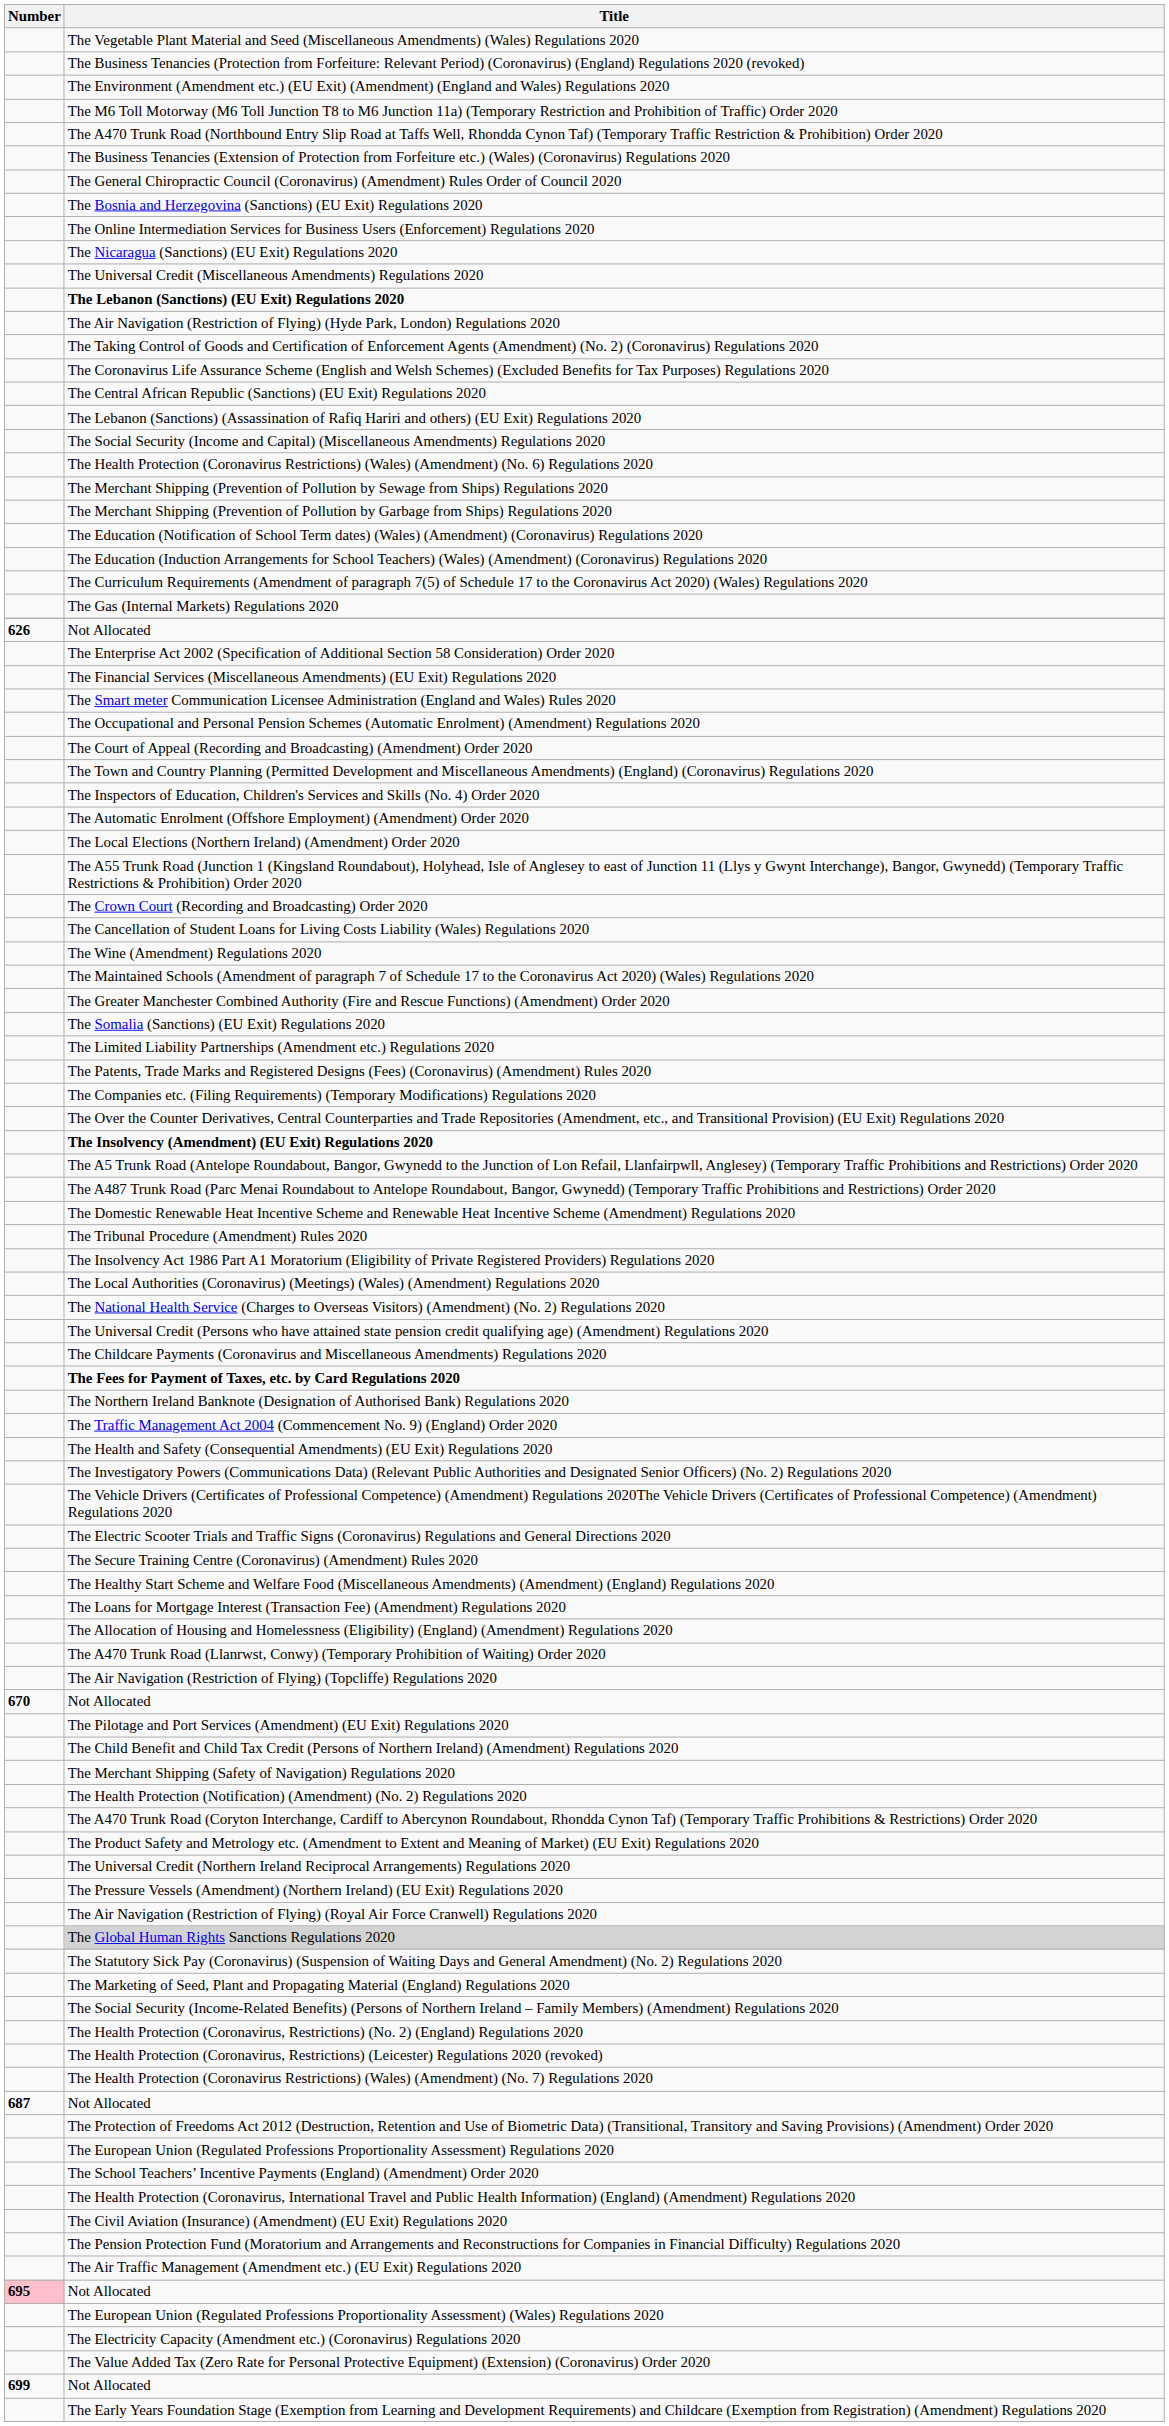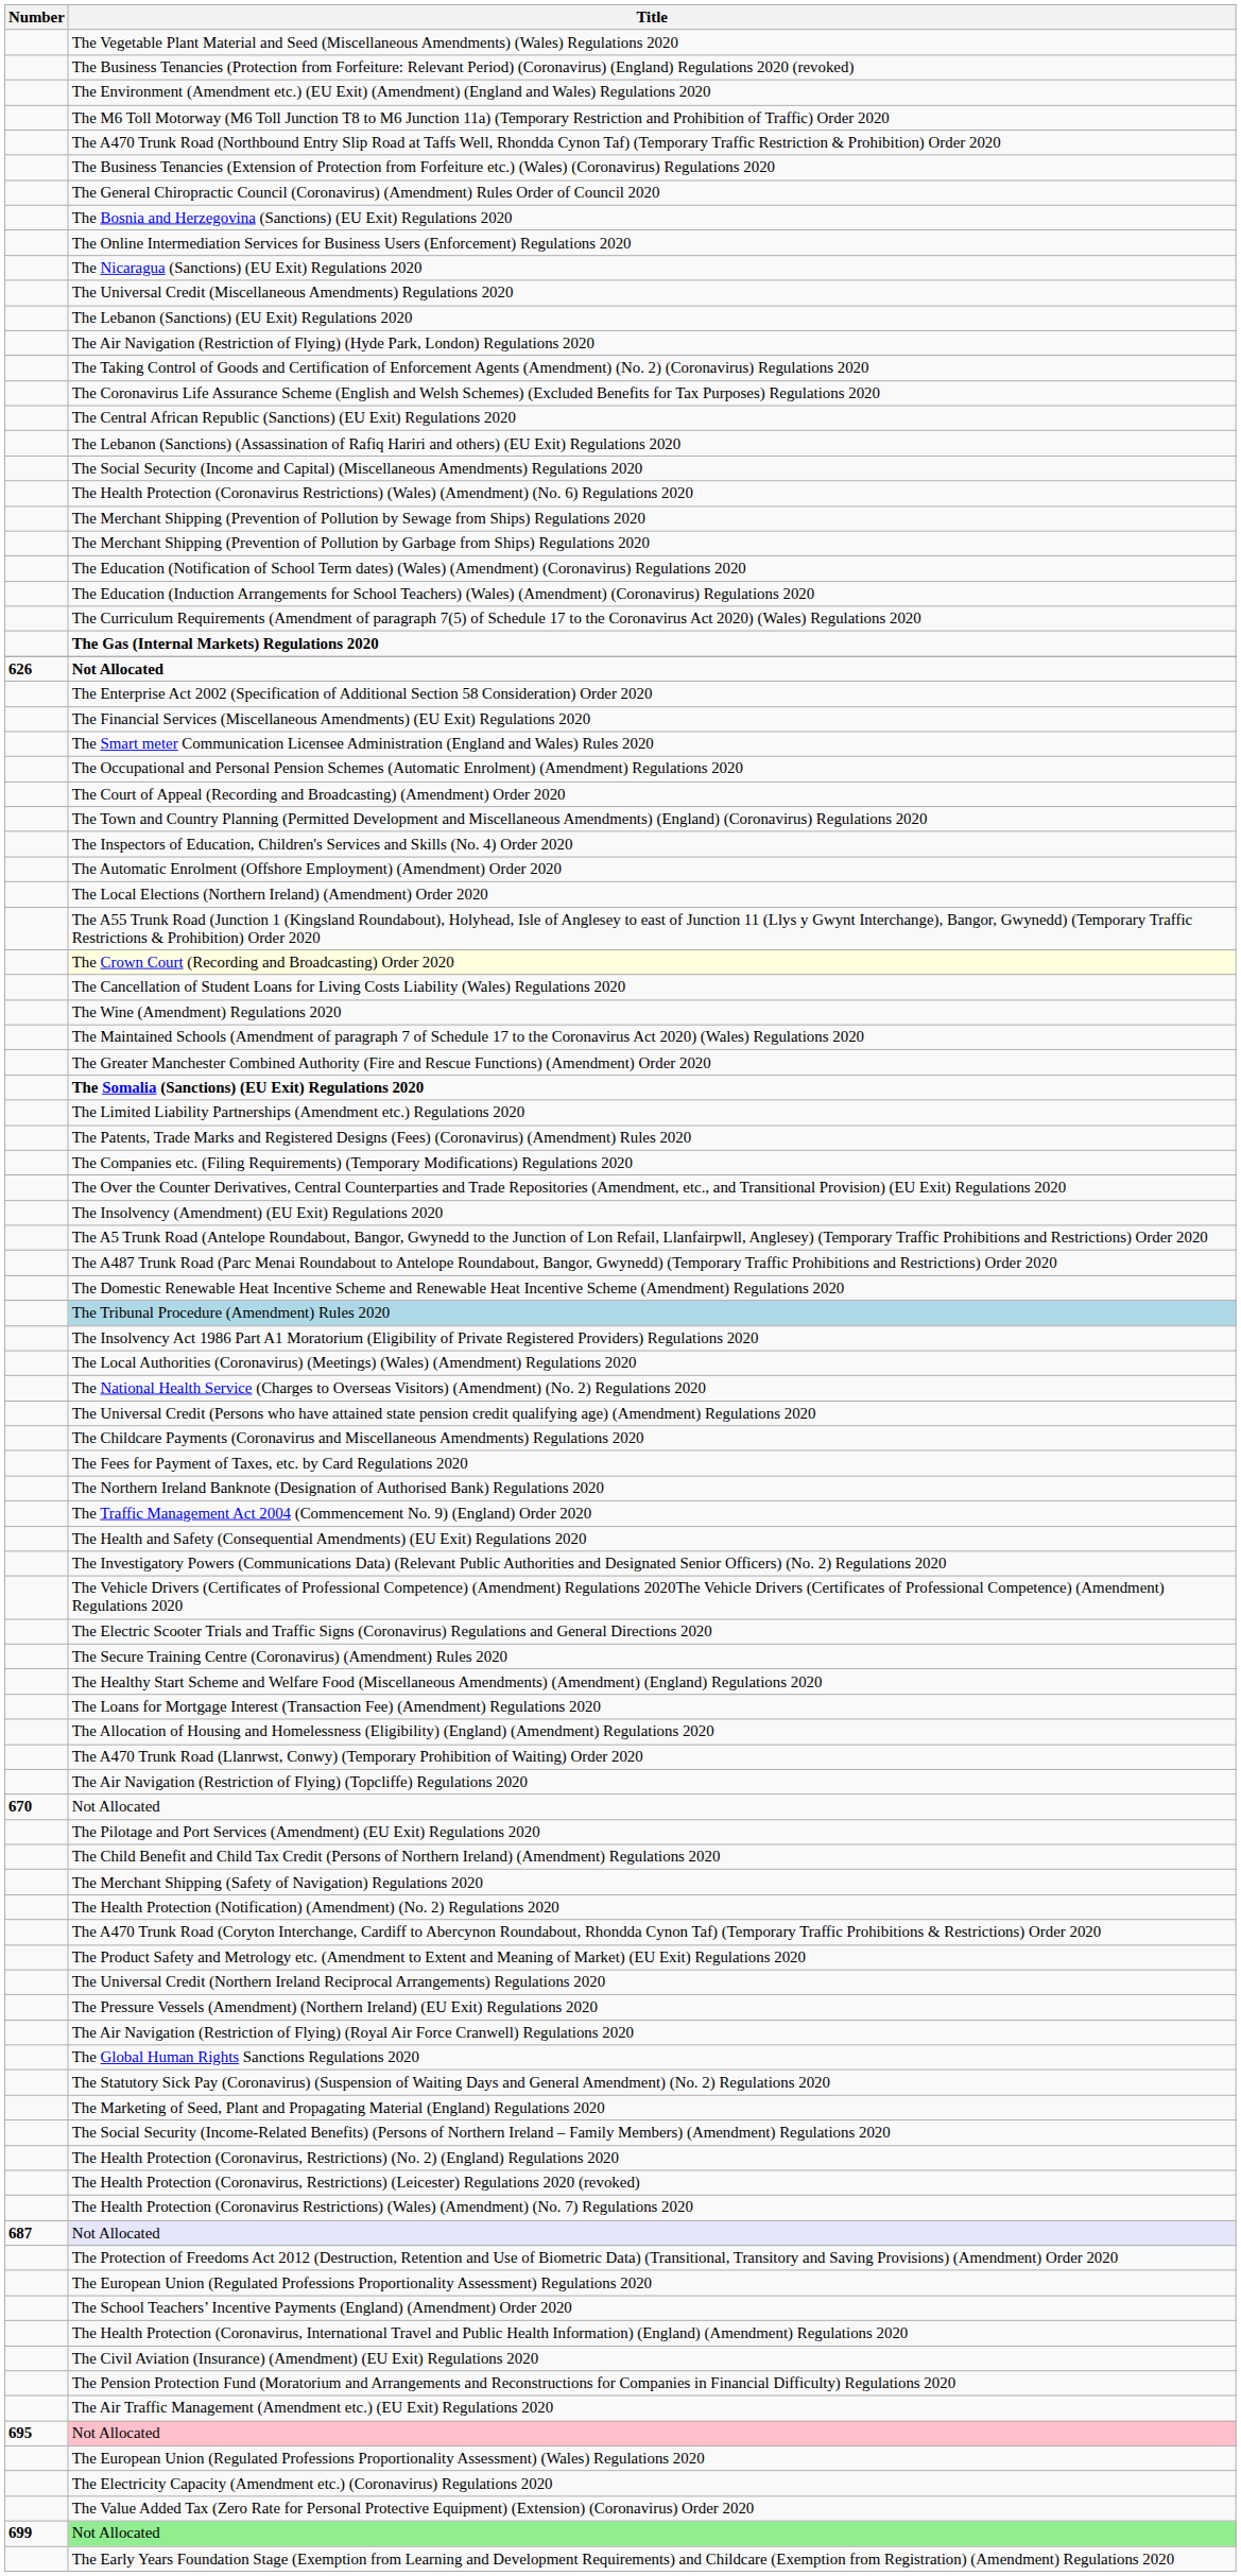 <table class="wikitable collapsible">
 <tr>
 <th>Number</th>
 <th>Title</th>
 </tr>
 <tr>
 <td></td>
 <td>The Vegetable Plant Material and Seed (Miscellaneous Amendments) (Wales) Regulations 2020</td>
 </tr>
 <tr>
 <td></td>
 <td>The Business Tenancies (Protection from Forfeiture: Relevant Period) (Coronavirus) (England) Regulations 2020 (revoked)</td>
 </tr>
 <tr>
 <td></td>
 <td>The Environment (Amendment etc.) (EU Exit) (Amendment) (England and Wales) Regulations 2020</td>
 </tr>
 <tr>
 <td></td>
 <td>The M6 Toll Motorway (M6 Toll Junction T8 to M6 Junction 11a) (Temporary Restriction and Prohibition of Traffic) Order 2020</td>
 </tr>
 <tr>
 <td></td>
 <td>The A470 Trunk Road (Northbound Entry Slip Road at Taffs Well, Rhondda Cynon Taf) (Temporary Traffic Restriction & Prohibition) Order 2020</td>
 </tr>
 <tr>
 <td></td>
 <td>The Business Tenancies (Extension of Protection from Forfeiture etc.) (Wales) (Coronavirus) Regulations 2020</td>
 </tr>
 <tr>
 <td></td>
 <td>The General Chiropractic Council (Coronavirus) (Amendment) Rules Order of Council 2020</td>
 </tr>
 <tr>
 <td></td>
 <td>The <a href='#'>Bosnia and Herzegovina</a> (Sanctions) (EU Exit) Regulations 2020</td>
 </tr>
 <tr>
 <td></td>
 <td>The Online Intermediation Services for Business Users (Enforcement) Regulations 2020</td>
 </tr>
 <tr>
 <td></td>
 <td>The <a href='#'>Nicaragua</a> (Sanctions) (EU Exit) Regulations 2020</td>
 </tr>
 <tr>
 <td></td>
 <td>The Universal Credit (Miscellaneous Amendments) Regulations 2020</td>
 </tr>
 <tr>
 <td></td>
-<td><strong>The Lebanon (Sanctions) (EU Exit) Regulations 2020</strong></td>
+<td>The Lebanon (Sanctions) (EU Exit) Regulations 2020</td>
 </tr>
 <tr>
 <td></td>
 <td>The Air Navigation (Restriction of Flying) (Hyde Park, London) Regulations 2020</td>
 </tr>
 <tr>
 <td></td>
 <td>The Taking Control of Goods and Certification of Enforcement Agents (Amendment) (No. 2) (Coronavirus) Regulations 2020</td>
 </tr>
 <tr>
 <td></td>
 <td>The Coronavirus Life Assurance Scheme (English and Welsh Schemes) (Excluded Benefits for Tax Purposes) Regulations 2020</td>
 </tr>
 <tr>
 <td></td>
 <td>The Central African Republic (Sanctions) (EU Exit) Regulations 2020</td>
 </tr>
 <tr>
 <td></td>
 <td>The Lebanon (Sanctions) (Assassination of Rafiq Hariri and others) (EU Exit) Regulations 2020</td>
 </tr>
 <tr>
 <td></td>
 <td>The Social Security (Income and Capital) (Miscellaneous Amendments) Regulations 2020</td>
 </tr>
 <tr>
 <td></td>
 <td>The Health Protection (Coronavirus Restrictions) (Wales) (Amendment) (No. 6) Regulations 2020</td>
 </tr>
 <tr>
 <td></td>
 <td>The Merchant Shipping (Prevention of Pollution by Sewage from Ships) Regulations 2020</td>
 </tr>
 <tr>
 <td></td>
 <td>The Merchant Shipping (Prevention of Pollution by Garbage from Ships) Regulations 2020</td>
 </tr>
 <tr>
 <td></td>
 <td>The Education (Notification of School Term  dates) (Wales) (Amendment) (Coronavirus) Regulations 2020</td>
 </tr>
 <tr>
 <td></td>
 <td>The Education (Induction Arrangements for School Teachers) (Wales) (Amendment) (Coronavirus) Regulations 2020</td>
 </tr>
 <tr>
 <td></td>
 <td>The Curriculum Requirements (Amendment of paragraph 7(5) of Schedule 17 to the Coronavirus Act 2020) (Wales) Regulations 2020</td>
 </tr>
 <tr>
 <td></td>
-<td>The Gas (Internal Markets) Regulations 2020</td>
+<td><strong>The Gas (Internal Markets) Regulations 2020</strong></td>
 </tr>
 <tr>
 </tr>
 <tr>
 <td><strong>626</strong></td>
-<td>Not Allocated</td>
+<td><strong>Not Allocated</strong></td>
 </tr>
 <tr>
 <td></td>
 <td>The Enterprise Act 2002 (Specification of Additional Section 58 Consideration) Order 2020</td>
 </tr>
 <tr>
 <td></td>
 <td>The Financial Services (Miscellaneous Amendments) (EU Exit) Regulations 2020</td>
 </tr>
 <tr>
 <td></td>
 <td>The <a href='#'>Smart meter</a> Communication Licensee Administration (England and Wales) Rules 2020</td>
 </tr>
 <tr>
 <td></td>
 <td>The Occupational and Personal Pension Schemes (Automatic Enrolment) (Amendment) Regulations 2020</td>
 </tr>
 <tr>
 <td></td>
 <td>The Court of Appeal (Recording and Broadcasting) (Amendment) Order 2020</td>
 </tr>
 <tr>
 <td></td>
 <td>The Town and Country Planning (Permitted Development and Miscellaneous Amendments) (England) (Coronavirus) Regulations 2020</td>
 </tr>
 <tr>
 <td></td>
 <td>The Inspectors of Education, Children's Services and Skills (No. 4) Order 2020</td>
 </tr>
 <tr>
 <td></td>
 <td>The Automatic Enrolment (Offshore Employment) (Amendment) Order 2020</td>
 </tr>
 <tr>
 <td></td>
 <td>The Local Elections (Northern Ireland) (Amendment) Order 2020</td>
 </tr>
 <tr>
 <td></td>
 <td>The A55 Trunk Road (Junction 1 (Kingsland Roundabout), Holyhead, Isle of Anglesey to east of Junction 11 (Llys y Gwynt Interchange), Bangor, Gwynedd) (Temporary Traffic Restrictions & Prohibition) Order 2020</td>
 </tr>
 <tr>
 <td></td>
-<td>The <a href='#'>Crown Court</a> (Recording and Broadcasting) Order 2020</td>
+<td style="background: lightyellow;">The <a href='#'>Crown Court</a> (Recording and Broadcasting) Order 2020</td>
 </tr>
 <tr>
 <td></td>
 <td>The Cancellation of Student Loans for Living Costs Liability (Wales) Regulations 2020</td>
 </tr>
 <tr>
 <td></td>
 <td>The Wine (Amendment) Regulations 2020</td>
 </tr>
 <tr>
 <td></td>
 <td>The Maintained Schools (Amendment of paragraph 7 of Schedule 17 to the Coronavirus Act 2020) (Wales) Regulations 2020</td>
 </tr>
 <tr>
 <td></td>
 <td>The Greater Manchester Combined Authority (Fire and Rescue Functions) (Amendment) Order 2020</td>
 </tr>
 <tr>
 <td></td>
-<td>The <a href='#'>Somalia</a> (Sanctions) (EU Exit) Regulations 2020</td>
+<td><strong>The <a href='#'>Somalia</a> (Sanctions) (EU Exit) Regulations 2020</strong></td>
 </tr>
 <tr>
 <td></td>
 <td>The Limited Liability Partnerships (Amendment etc.) Regulations 2020</td>
 </tr>
 <tr>
 <td></td>
 <td>The Patents, Trade Marks and Registered Designs (Fees) (Coronavirus) (Amendment) Rules 2020</td>
 </tr>
 <tr>
 <td></td>
 <td>The Companies etc. (Filing Requirements) (Temporary Modifications) Regulations 2020</td>
 </tr>
 <tr>
 <td></td>
 <td>The Over the Counter Derivatives, Central Counterparties and Trade Repositories (Amendment, etc., and Transitional Provision) (EU Exit) Regulations 2020</td>
 </tr>
 <tr>
 <td></td>
-<td><strong>The Insolvency (Amendment) (EU Exit) Regulations 2020</strong></td>
+<td>The Insolvency (Amendment) (EU Exit) Regulations 2020</td>
 </tr>
 <tr>
 <td></td>
 <td>The A5 Trunk Road (Antelope Roundabout, Bangor, Gwynedd to the Junction of Lon Refail, Llanfairpwll, Anglesey) (Temporary Traffic Prohibitions and Restrictions) Order 2020</td>
 </tr>
 <tr>
 <td></td>
 <td>The A487 Trunk Road (Parc Menai Roundabout to Antelope Roundabout, Bangor, Gwynedd) (Temporary Traffic Prohibitions and Restrictions) Order 2020</td>
 </tr>
 <tr>
 <td></td>
 <td>The Domestic Renewable Heat Incentive Scheme and Renewable Heat Incentive Scheme (Amendment) Regulations 2020</td>
 </tr>
 <tr>
 <td></td>
-<td>The Tribunal Procedure (Amendment) Rules 2020</td>
+<td style="background: lightblue;">The Tribunal Procedure (Amendment) Rules 2020</td>
 </tr>
 <tr>
 <td></td>
 <td>The Insolvency Act 1986 Part A1 Moratorium (Eligibility of Private Registered Providers) Regulations 2020</td>
 </tr>
 <tr>
 <td></td>
 <td>The Local Authorities (Coronavirus) (Meetings) (Wales) (Amendment) Regulations 2020</td>
 </tr>
 <tr>
 <td></td>
 <td>The <a href='#'>National Health Service</a> (Charges to Overseas Visitors) (Amendment) (No. 2) Regulations 2020</td>
 </tr>
 <tr>
 <td></td>
 <td>The Universal Credit (Persons who have attained state pension credit qualifying age) (Amendment) Regulations 2020</td>
 </tr>
 <tr>
 <td></td>
 <td>The Childcare Payments (Coronavirus and Miscellaneous Amendments) Regulations 2020</td>
 </tr>
 <tr>
 <td></td>
-<td><strong>The Fees for Payment of Taxes, etc. by Card Regulations 2020</strong></td>
+<td>The Fees for Payment of Taxes, etc. by Card Regulations 2020</td>
 </tr>
 <tr>
 <td></td>
 <td>The Northern Ireland Banknote (Designation of Authorised Bank) Regulations 2020</td>
 </tr>
 <tr>
 <td></td>
 <td>The <a href='#'>Traffic Management Act 2004</a> (Commencement No. 9) (England) Order 2020</td>
 </tr>
 <tr>
 <td></td>
 <td>The Health and Safety (Consequential Amendments) (EU Exit) Regulations 2020</td>
 </tr>
 <tr>
 <td></td>
 <td>The Investigatory Powers (Communications Data) (Relevant Public Authorities and Designated Senior Officers) (No. 2) Regulations 2020</td>
 </tr>
 <tr>
 <td></td>
 <td>The Vehicle Drivers (Certificates of Professional Competence) (Amendment) Regulations 2020The Vehicle Drivers (Certificates of Professional Competence) (Amendment) Regulations 2020</td>
 </tr>
 <tr>
 <td></td>
 <td>The Electric Scooter Trials and Traffic Signs (Coronavirus) Regulations and General Directions 2020</td>
 </tr>
 <tr>
 <td></td>
 <td>The Secure Training Centre (Coronavirus) (Amendment) Rules 2020</td>
 </tr>
 <tr>
 <td></td>
 <td>The Healthy Start Scheme and Welfare Food (Miscellaneous Amendments) (Amendment) (England) Regulations 2020</td>
 </tr>
 <tr>
 <td></td>
 <td>The Loans for Mortgage Interest (Transaction Fee) (Amendment) Regulations 2020</td>
 </tr>
 <tr>
 <td></td>
 <td>The Allocation of Housing and Homelessness (Eligibility) (England) (Amendment) Regulations 2020</td>
 </tr>
 <tr>
 <td></td>
 <td>The A470 Trunk Road (Llanrwst, Conwy) (Temporary Prohibition of Waiting) Order 2020</td>
 </tr>
 <tr>
 <td></td>
 <td>The Air Navigation (Restriction of Flying) (Topcliffe) Regulations 2020</td>
 </tr>
 <tr>
 <td><strong>670</strong></td>
 <td>Not Allocated</td>
 </tr>
 <tr>
 <td></td>
 <td>The Pilotage and Port Services (Amendment) (EU Exit) Regulations 2020</td>
 </tr>
 <tr>
 <td></td>
 <td>The Child Benefit and Child Tax Credit (Persons of Northern Ireland) (Amendment) Regulations 2020</td>
 </tr>
 <tr>
 <td></td>
 <td>The Merchant Shipping (Safety of Navigation) Regulations 2020</td>
 </tr>
 <tr>
 <td></td>
 <td>The Health Protection (Notification) (Amendment) (No. 2) Regulations 2020</td>
 </tr>
 <tr>
 <td></td>
 <td>The A470 Trunk Road (Coryton Interchange, Cardiff to Abercynon Roundabout, Rhondda Cynon Taf) (Temporary Traffic Prohibitions & Restrictions) Order 2020</td>
 </tr>
 <tr>
 <td></td>
 <td>The Product Safety and Metrology etc. (Amendment to Extent and Meaning of Market) (EU Exit) Regulations 2020</td>
 </tr>
 <tr>
 <td></td>
 <td>The Universal Credit (Northern Ireland Reciprocal Arrangements) Regulations 2020</td>
 </tr>
 <tr>
 <td></td>
 <td>The Pressure Vessels (Amendment) (Northern Ireland) (EU Exit) Regulations 2020</td>
 </tr>
 <tr>
 <td></td>
 <td>The Air Navigation (Restriction of Flying) (Royal Air Force Cranwell) Regulations 2020</td>
 </tr>
 <tr>
 <td></td>
-<td style="background: lightgrey;">The <a href='#'>Global Human Rights</a> Sanctions Regulations 2020</td>
+<td>The <a href='#'>Global Human Rights</a> Sanctions Regulations 2020</td>
 </tr>
 <tr>
 <td></td>
 <td>The Statutory Sick Pay (Coronavirus) (Suspension of Waiting Days and General Amendment) (No. 2) Regulations 2020</td>
 </tr>
 <tr>
 <td></td>
 <td>The Marketing of Seed, Plant and Propagating Material (England) Regulations 2020</td>
 </tr>
 <tr>
 <td></td>
 <td>The Social Security (Income-Related Benefits) (Persons of Northern Ireland – Family Members) (Amendment) Regulations 2020</td>
 </tr>
 <tr>
 <td></td>
 <td>The Health Protection (Coronavirus, Restrictions) (No. 2) (England) Regulations 2020</td>
 </tr>
 <tr>
 <td></td>
 <td>The Health Protection (Coronavirus, Restrictions) (Leicester) Regulations 2020 (revoked)</td>
 </tr>
 <tr>
 <td></td>
 <td>The Health Protection (Coronavirus Restrictions) (Wales) (Amendment) (No. 7) Regulations 2020</td>
 </tr>
 <tr>
 <td><strong>687</strong></td>
-<td>Not Allocated</td>
+<td style="background: lavender;">Not Allocated</td>
 </tr>
 <tr>
 <td></td>
 <td>The Protection of Freedoms Act 2012 (Destruction, Retention and Use of Biometric Data) (Transitional, Transitory and Saving Provisions) (Amendment) Order 2020</td>
 </tr>
 <tr>
 <td></td>
 <td>The European Union (Regulated Professions Proportionality Assessment) Regulations 2020</td>
 </tr>
 <tr>
 <td></td>
 <td>The School Teachers’ Incentive Payments (England) (Amendment) Order 2020</td>
 </tr>
 <tr>
 <td></td>
 <td>The Health Protection (Coronavirus, International Travel and Public Health Information) (England) (Amendment) Regulations 2020</td>
 </tr>
 <tr>
 <td></td>
 <td>The Civil Aviation (Insurance) (Amendment) (EU Exit) Regulations 2020</td>
 </tr>
 <tr>
 <td></td>
 <td>The Pension Protection Fund (Moratorium and Arrangements and Reconstructions for Companies in Financial Difficulty) Regulations 2020</td>
 </tr>
 <tr>
 <td></td>
 <td>The Air Traffic Management (Amendment etc.) (EU Exit) Regulations 2020</td>
 </tr>
 <tr>
-<td style="background: pink;"><strong>695</strong></td>
-<td>Not Allocated</td>
+<td><strong>695</strong></td>
+<td style="background: pink;">Not Allocated</td>
 </tr>
 <tr>
 <td></td>
 <td>The European Union (Regulated Professions Proportionality Assessment) (Wales) Regulations 2020</td>
 </tr>
 <tr>
 <td></td>
 <td>The Electricity Capacity (Amendment etc.) (Coronavirus) Regulations 2020</td>
 </tr>
 <tr>
 <td></td>
 <td>The Value Added Tax (Zero Rate for Personal Protective Equipment) (Extension) (Coronavirus) Order 2020</td>
 </tr>
 <tr>
 <td><strong>699</strong></td>
-<td>Not Allocated</td>
+<td style="background: lightgreen;">Not Allocated</td>
 </tr>
 <tr>
 <td></td>
 <td>The Early Years Foundation Stage (Exemption from Learning and Development Requirements) and Childcare (Exemption from Registration) (Amendment) Regulations 2020</td>
 </tr>
 </table>
